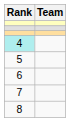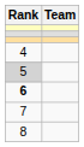 <table class="wikitable">
 <tr>
 <th>Rank</th>
 <th>Team</th>
 </tr>
 <tr bgcolor=#ffffbf>
 <td align=center></td>
 <td align="left"></td>
 </tr>
 <tr bgcolor=#dfdfdf>
 <td align=center></td>
 <td align="left"></td>
 </tr>
 <tr bgcolor=#ffdf9f>
 <td align=center></td>
 <td align="left"></td>
 </tr>
 <tr>
-<td align=center style="background: paleturquoise;">4</td>
+<td align=center>4</td>
 <td align="left"></td>
 </tr>
 <tr>
-<td align=center>5</td>
+<td align=center style="background: lightgrey;">5</td>
 <td align="left"></td>
 </tr>
 <tr>
-<td align=center>6</td>
+<td align=center><strong>6</strong></td>
 <td align="left"></td>
 </tr>
 <tr>
 <td align=center>7</td>
 <td align="left"></td>
 </tr>
 <tr>
 <td align=center>8</td>
 <td align="left"></td>
 </tr>
 </table>
